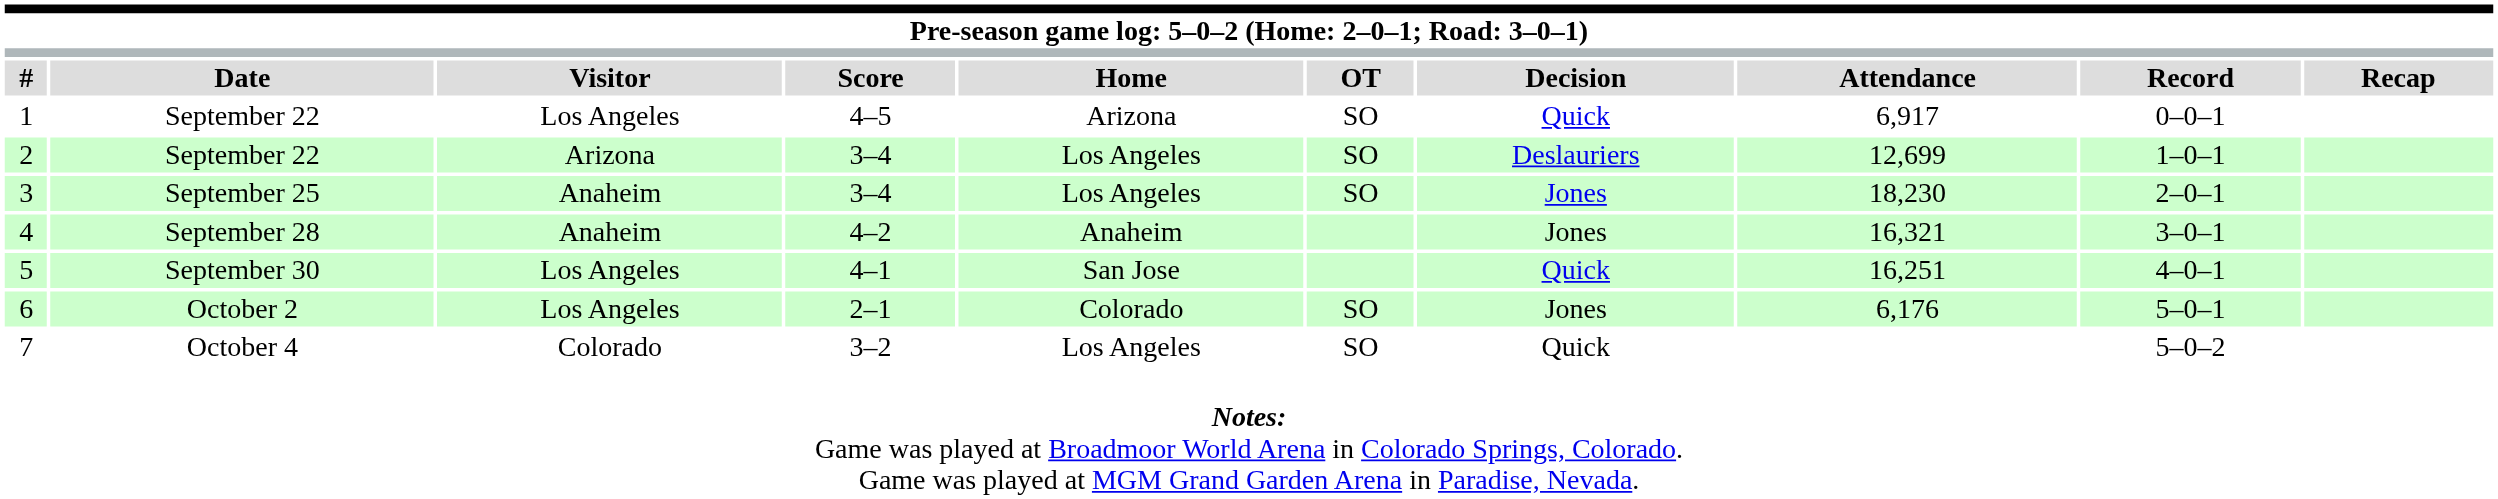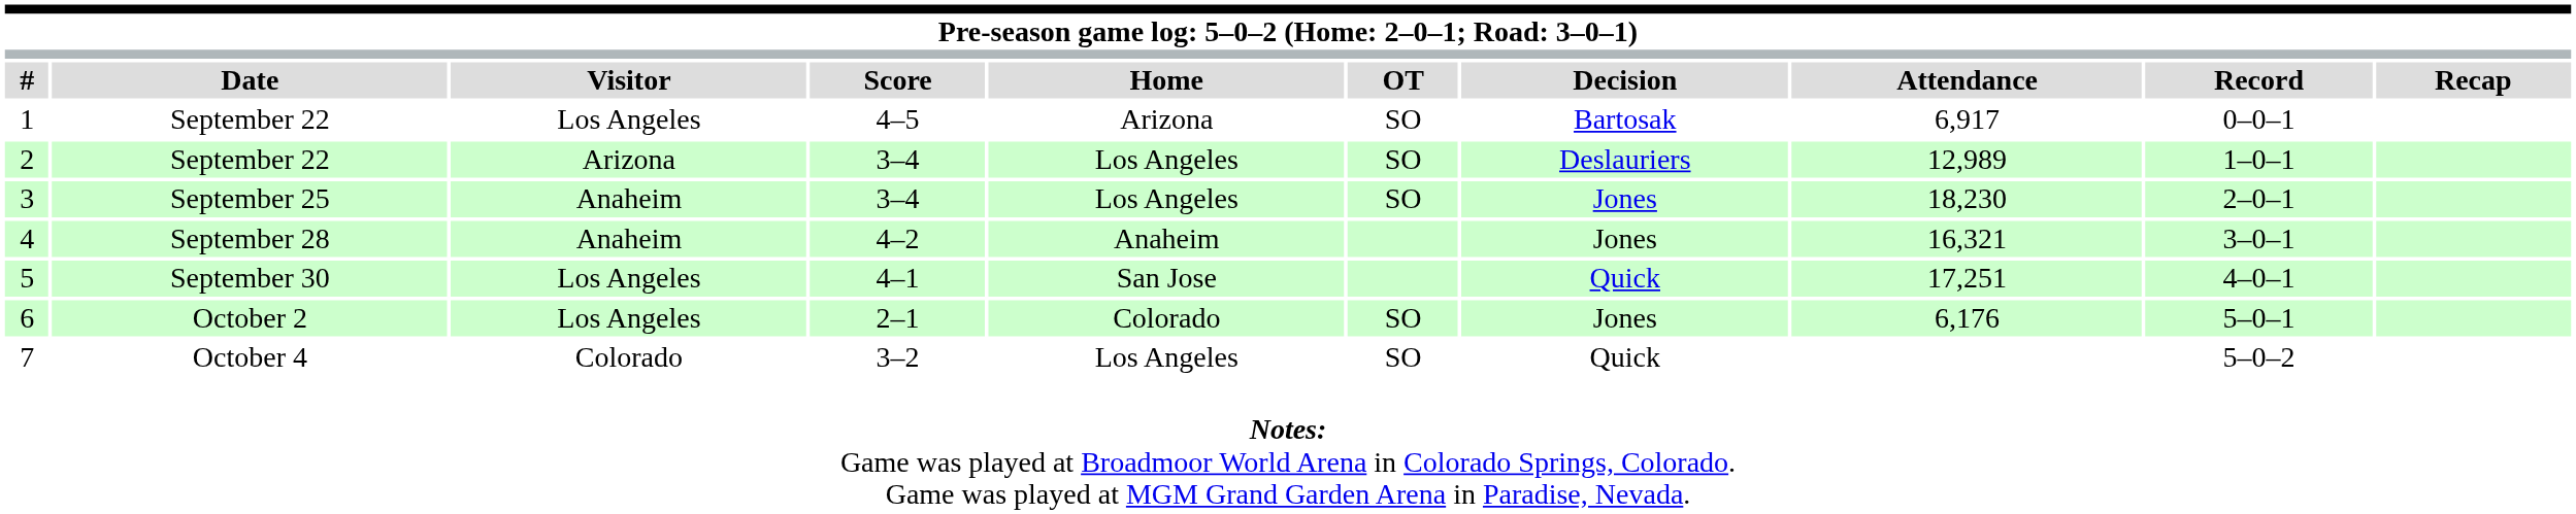 <table class="toccolours collapsible collapsed" style="width:90%; clear:both; margin:1.5em auto; text-align:center;">
 <tr>
 <th colspan=10 style="background:#fff; border-top:#000000 5px solid; border-bottom:#AFB7BA 5px solid;">Pre-season game log: 5–0–2 (Home: 2–0–1; Road: 3–0–1)</th>
 </tr>
 <tr style="text-align:center; background:#ddd;">
 <th>#</th>
 <th>Date</th>
 <th>Visitor</th>
 <th>Score</th>
 <th>Home</th>
 <th>OT</th>
 <th>Decision</th>
 <th>Attendance</th>
 <th>Record</th>
 <th>Recap</th>
 </tr>
 <tr style="text-align:center; background:#fff;">
 <td>1</td>
 <td>September 22</td>
 <td>Los Angeles</td>
 <td>4–5</td>
 <td>Arizona</td>
 <td>SO</td>
-<td><a href='#'>Quick</a></td>
+<td><a href='#'>Bartosak</a></td>
 <td>6,917</td>
 <td>0–0–1</td>
 <td></td>
 </tr>
 <tr style="text-align:center; background:#cfc;">
 <td>2</td>
 <td>September 22</td>
 <td>Arizona</td>
 <td>3–4</td>
 <td>Los Angeles</td>
 <td>SO</td>
 <td><a href='#'>Deslauriers</a></td>
-<td>12,699</td>
+<td>12,989</td>
 <td>1–0–1</td>
 <td></td>
 </tr>
 <tr style="text-align:center; background:#cfc;">
 <td>3</td>
 <td>September 25</td>
 <td>Anaheim</td>
 <td>3–4</td>
 <td>Los Angeles</td>
 <td>SO</td>
 <td><a href='#'>Jones</a></td>
 <td>18,230</td>
 <td>2–0–1</td>
 <td></td>
 </tr>
 <tr style="text-align:center; background:#cfc;">
 <td>4</td>
 <td>September 28</td>
 <td>Anaheim</td>
 <td>4–2</td>
 <td>Anaheim</td>
 <td></td>
 <td>Jones</td>
 <td>16,321</td>
 <td>3–0–1</td>
 <td></td>
 </tr>
 <tr style="text-align:center; background:#cfc;">
 <td>5</td>
 <td>September 30</td>
 <td>Los Angeles</td>
 <td>4–1</td>
 <td>San Jose</td>
 <td></td>
 <td><a href='#'>Quick</a></td>
-<td>16,251</td>
+<td>17,251</td>
 <td>4–0–1</td>
 <td></td>
 </tr>
 <tr style="text-align:center; background:#cfc;">
 <td>6</td>
 <td>October 2</td>
 <td>Los Angeles</td>
 <td>2–1</td>
 <td>Colorado</td>
 <td>SO</td>
 <td>Jones</td>
 <td>6,176</td>
 <td>5–0–1</td>
 <td></td>
 </tr>
 <tr style="text-align:center; background:#fff;">
 <td>7</td>
 <td>October 4</td>
 <td>Colorado</td>
 <td>3–2</td>
 <td>Los Angeles</td>
 <td>SO</td>
 <td>Quick</td>
 <td></td>
 <td>5–0–2</td>
 <td></td>
 </tr>
 <tr>
 <td colspan="10" style="text-align:center;"><br><strong><em>Notes:</em></strong><br> Game was played at <a href='#'>Broadmoor World Arena</a> in <a href='#'>Colorado Springs, Colorado</a>.<br> Game was played at <a href='#'>MGM Grand Garden Arena</a> in <a href='#'>Paradise, Nevada</a>.</td>
 </tr>
 </table>
